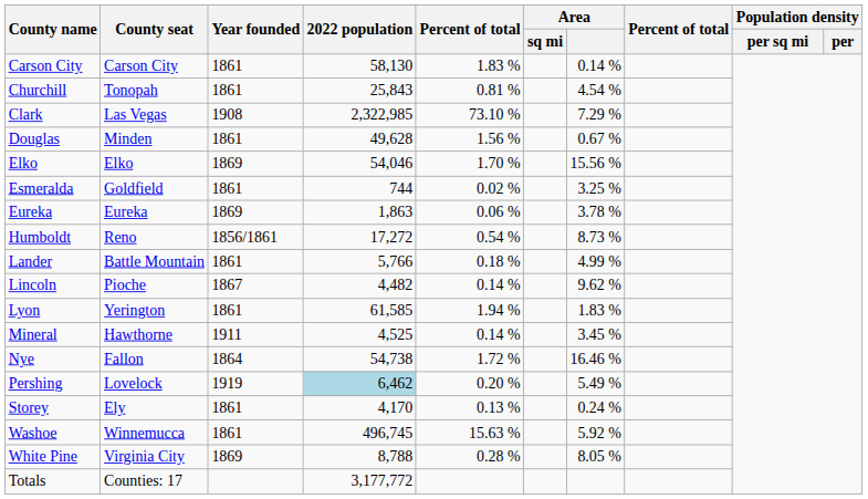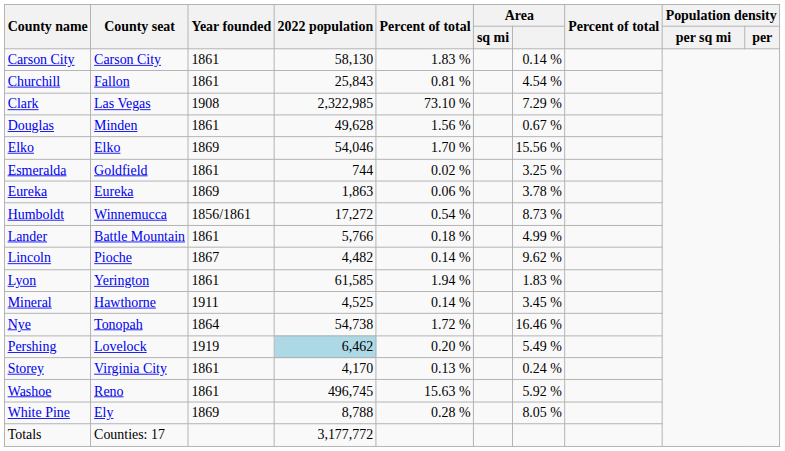 <table class="wikitable collapsible sortable" style="margin:lem; margin-top:0;">
 <tr>
 <th rowspan=2>County name</th>
 <th rowspan=2>County seat</th>
 <th rowspan=2>Year founded</th>
 <th rowspan=2>2022 population</th>
 <th rowspan=2>Percent of total</th>
 <th colspan=2>Area</th>
 <th rowspan=2>Percent of total</th>
 <th colspan=2>Population density</th>
 </tr>
 <tr>
 <th>sq mi</th>
 <th></th>
 <th>per sq mi</th>
 <th>per </th>
 </tr>
 <tr>
 <td><a href='#'>Carson City</a></td>
 <td><a href='#'>Carson City</a></td>
 <td>1861</td>
 <td style="text-align:right;">58,130</td>
 <td style="text-align:right;">1.83 %</td>
 <td></td>
 <td style="text-align:right;">0.14 %</td>
 <td></td>
 </tr>
 <tr>
 <td><a href='#'>Churchill</a></td>
-<td><a href='#'>Tonopah</a></td>
+<td><a href='#'>Fallon</a></td>
 <td>1861</td>
 <td style="text-align:right;">25,843</td>
 <td style="text-align:right;">0.81 %</td>
 <td></td>
 <td style="text-align:right;">4.54 %</td>
 <td></td>
 </tr>
 <tr>
 <td><a href='#'>Clark</a></td>
 <td><a href='#'>Las Vegas</a></td>
 <td>1908</td>
 <td style="text-align:right;">2,322,985</td>
 <td style="text-align:right;">73.10 %</td>
 <td></td>
 <td style="text-align:right;">7.29 %</td>
 <td></td>
 </tr>
 <tr>
 <td><a href='#'>Douglas</a></td>
 <td><a href='#'>Minden</a></td>
 <td>1861</td>
 <td style="text-align:right;">49,628</td>
 <td style="text-align:right;">1.56 %</td>
 <td></td>
 <td style="text-align:right;">0.67 %</td>
 <td></td>
 </tr>
 <tr>
 <td><a href='#'>Elko</a></td>
 <td><a href='#'>Elko</a></td>
 <td>1869</td>
 <td style="text-align:right;">54,046</td>
 <td style="text-align:right;">1.70 %</td>
 <td></td>
 <td style="text-align:right;">15.56 %</td>
 <td></td>
 </tr>
 <tr>
 <td><a href='#'>Esmeralda</a></td>
 <td><a href='#'>Goldfield</a></td>
 <td>1861</td>
 <td style="text-align:right;">744</td>
 <td style="text-align:right;">0.02 %</td>
 <td></td>
 <td style="text-align:right;">3.25 %</td>
 <td></td>
 </tr>
 <tr>
 <td><a href='#'>Eureka</a></td>
 <td><a href='#'>Eureka</a></td>
 <td>1869</td>
 <td style="text-align:right;">1,863</td>
 <td style="text-align:right;">0.06 %</td>
 <td></td>
 <td style="text-align:right;">3.78 %</td>
 <td></td>
 </tr>
 <tr>
 <td><a href='#'>Humboldt</a></td>
-<td><a href='#'>Reno</a></td>
+<td><a href='#'>Winnemucca</a></td>
 <td>1856/1861</td>
 <td style="text-align:right;">17,272</td>
 <td style="text-align:right;">0.54 %</td>
 <td></td>
 <td style="text-align:right;">8.73 %</td>
 <td></td>
 </tr>
 <tr>
 <td><a href='#'>Lander</a></td>
 <td><a href='#'>Battle Mountain</a></td>
 <td>1861</td>
 <td style="text-align:right;">5,766</td>
 <td style="text-align:right;">0.18 %</td>
 <td></td>
 <td style="text-align:right;">4.99 %</td>
 <td></td>
 </tr>
 <tr>
 <td><a href='#'>Lincoln</a></td>
 <td><a href='#'>Pioche</a></td>
 <td>1867</td>
 <td style="text-align:right;">4,482</td>
 <td style="text-align:right;">0.14 %</td>
 <td></td>
 <td style="text-align:right;">9.62 %</td>
 <td></td>
 </tr>
 <tr>
 <td><a href='#'>Lyon</a></td>
 <td><a href='#'>Yerington</a></td>
 <td>1861</td>
 <td style="text-align:right;">61,585</td>
 <td style="text-align:right;">1.94 %</td>
 <td></td>
 <td style="text-align:right;">1.83 %</td>
 <td></td>
 </tr>
 <tr>
 <td><a href='#'>Mineral</a></td>
 <td><a href='#'>Hawthorne</a></td>
 <td>1911</td>
 <td style="text-align:right;">4,525</td>
 <td style="text-align:right;">0.14 %</td>
 <td></td>
 <td style="text-align:right;">3.45 %</td>
 <td></td>
 </tr>
 <tr>
 <td><a href='#'>Nye</a></td>
-<td><a href='#'>Fallon</a></td>
+<td><a href='#'>Tonopah</a></td>
 <td>1864</td>
 <td style="text-align:right;">54,738</td>
 <td style="text-align:right;">1.72 %</td>
 <td></td>
 <td style="text-align:right;">16.46 %</td>
 <td></td>
 </tr>
 <tr>
 <td><a href='#'>Pershing</a></td>
 <td><a href='#'>Lovelock</a></td>
 <td>1919</td>
 <td style="background: lightblue; text-align:right;">6,462</td>
 <td style="text-align:right;">0.20 %</td>
 <td></td>
 <td style="text-align:right;">5.49 %</td>
 <td></td>
 </tr>
 <tr>
 <td><a href='#'>Storey</a></td>
-<td><a href='#'>Ely</a></td>
+<td><a href='#'>Virginia City</a></td>
 <td>1861</td>
 <td style="text-align:right;">4,170</td>
 <td style="text-align:right;">0.13 %</td>
 <td></td>
 <td style="text-align:right;">0.24 %</td>
 <td></td>
 </tr>
 <tr>
 <td><a href='#'>Washoe</a></td>
-<td><a href='#'>Winnemucca</a></td>
+<td><a href='#'>Reno</a></td>
 <td>1861</td>
 <td style="text-align:right;">496,745</td>
 <td style="text-align:right;">15.63 %</td>
 <td></td>
 <td style="text-align:right;">5.92 %</td>
 <td></td>
 </tr>
 <tr>
 <td><a href='#'>White Pine</a></td>
-<td><a href='#'>Virginia City</a></td>
+<td><a href='#'>Ely</a></td>
 <td>1869</td>
 <td style="text-align:right;">8,788</td>
 <td style="text-align:right;">0.28 %</td>
 <td></td>
 <td style="text-align:right;">8.05 %</td>
 <td></td>
 </tr>
 <tr>
 <td>Totals</td>
 <td>Counties: 17</td>
 <td></td>
 <td style="text-align:right;">3,177,772</td>
 <td></td>
 <td></td>
 <td></td>
 <td></td>
 </tr>
 </table>
